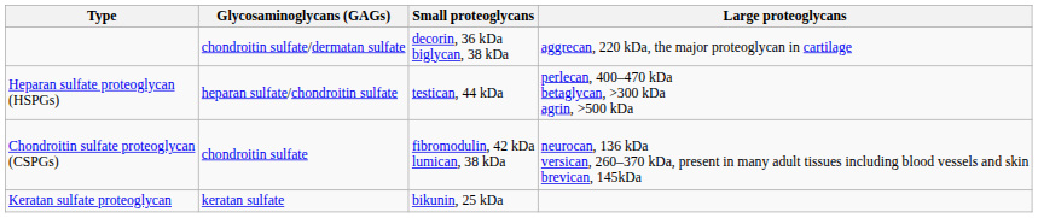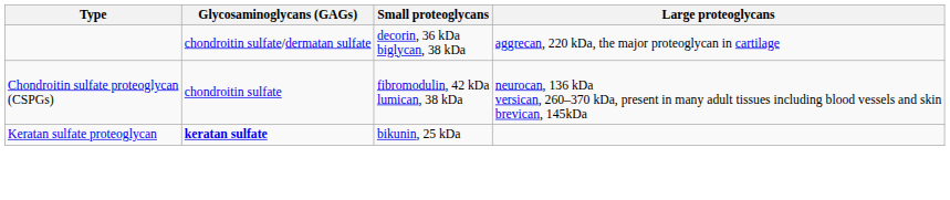 <table class="wikitable">
 <tr>
 <th>Type</th>
 <th>Glycosaminoglycans (GAGs)</th>
 <th>Small proteoglycans</th>
 <th>Large proteoglycans</th>
 </tr>
 <tr>
 <td></td>
 <td><a href='#'>chondroitin sulfate</a>/<a href='#'>dermatan sulfate</a></td>
 <td><a href='#'>decorin</a>, 36 kDa<br><a href='#'>biglycan</a>, 38 kDa</td>
 <td><a href='#'>aggrecan</a>, 220 kDa, the major proteoglycan in <a href='#'>cartilage</a></td>
 </tr>
 <tr>
-<td><a href='#'>Heparan sulfate proteoglycan</a><br>(HSPGs)</td>
-<td><a href='#'>heparan sulfate</a>/<a href='#'>chondroitin sulfate</a></td>
-<td><a href='#'>testican</a>, 44 kDa</td>
-<td><a href='#'>perlecan</a>, 400–470 kDa<br><a href='#'>betaglycan</a>, >300 kDa<br><a href='#'>agrin</a>, >500 kDa</td>
-</tr>
-<tr>
 <td><a href='#'>Chondroitin sulfate proteoglycan</a><br>(CSPGs)</td>
 <td><a href='#'>chondroitin sulfate</a></td>
 <td><a href='#'>fibromodulin</a>, 42 kDa<br><a href='#'>lumican</a>, 38 kDa</td>
 <td><br><a href='#'>neurocan</a>, 136 kDa<br> <a href='#'>versican</a>, 260–370 kDa, present in many adult tissues including blood vessels and skin<br> <a href='#'>brevican</a>, 145kDa</td>
 </tr>
 <tr>
 <td><a href='#'>Keratan sulfate proteoglycan</a></td>
-<td><a href='#'>keratan sulfate</a></td>
+<td><strong><a href='#'>keratan sulfate</a></strong></td>
 <td><a href='#'>bikunin</a>, 25 kDa</td>
 <td></td>
 </tr>
 </table>
